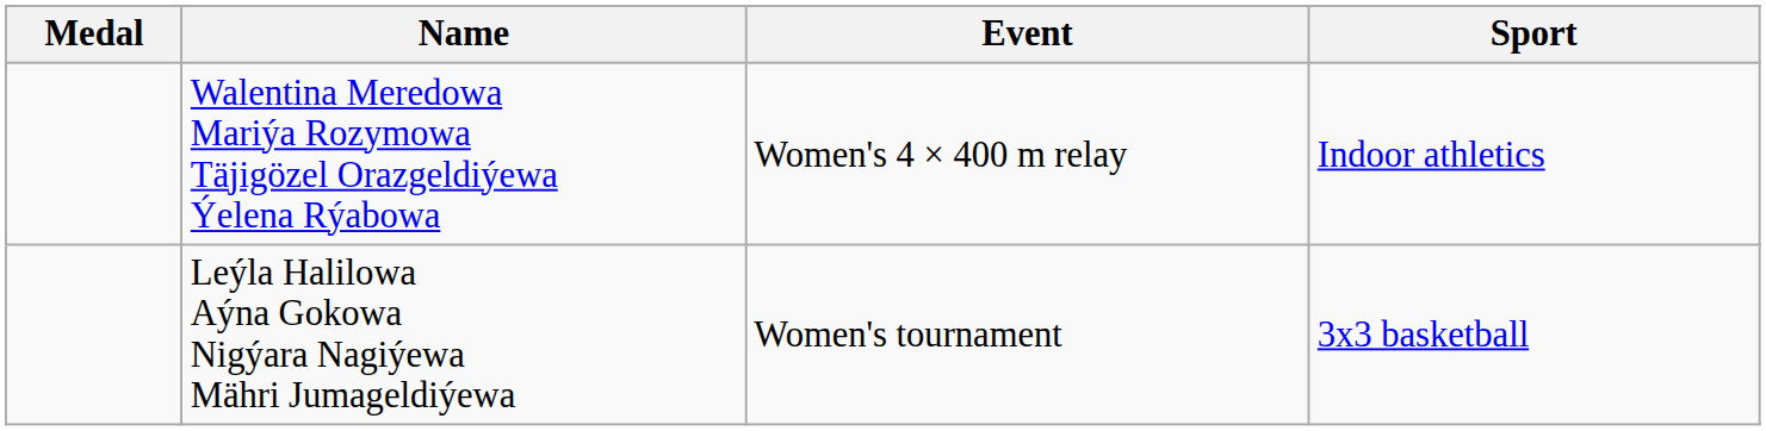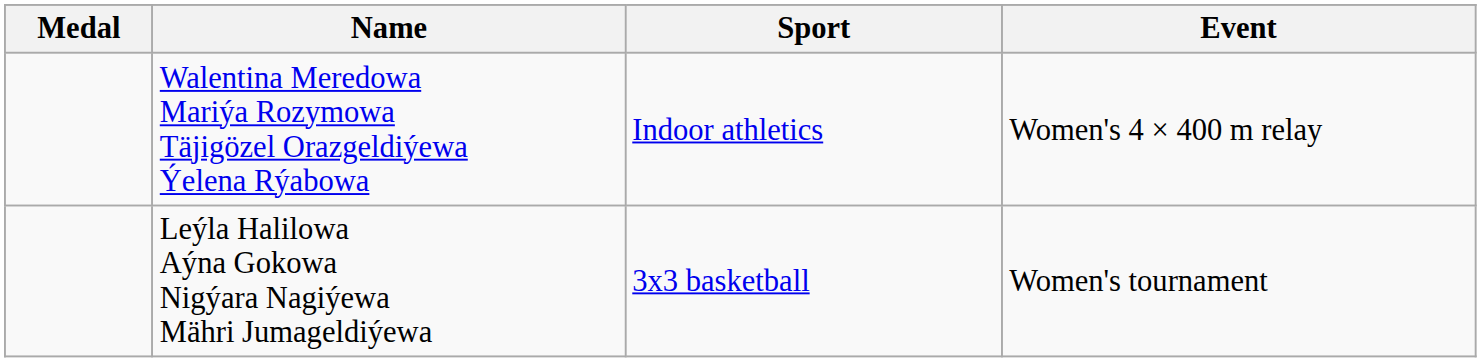 <table class="wikitable sortable" style="text-align:left;">
 <tr>
 <th width="70">Medal</th>
 <th width="240">Name</th>
+<th width="190">Sport</th>
 <th width="240">Event</th>
-<th width="190">Sport</th>
 </tr>
 <tr>
 <td></td>
 <td><a href='#'>Walentina Meredowa</a><br><a href='#'>Mariýa Rozymowa</a><br><a href='#'>Täjigözel Orazgeldiýewa</a><br><a href='#'>Ýelena Rýabowa</a></td>
+<td><a href='#'>Indoor athletics</a></td>
 <td>Women's 4 × 400 m relay</td>
-<td><a href='#'>Indoor athletics</a></td>
 </tr>
 <tr>
 <td></td>
 <td>Leýla Halilowa<br>Aýna Gokowa<br>Nigýara Nagiýewa<br>Mähri Jumageldiýewa</td>
+<td><a href='#'>3x3 basketball</a></td>
 <td>Women's tournament</td>
-<td><a href='#'>3x3 basketball</a></td>
 </tr>
 </table>
